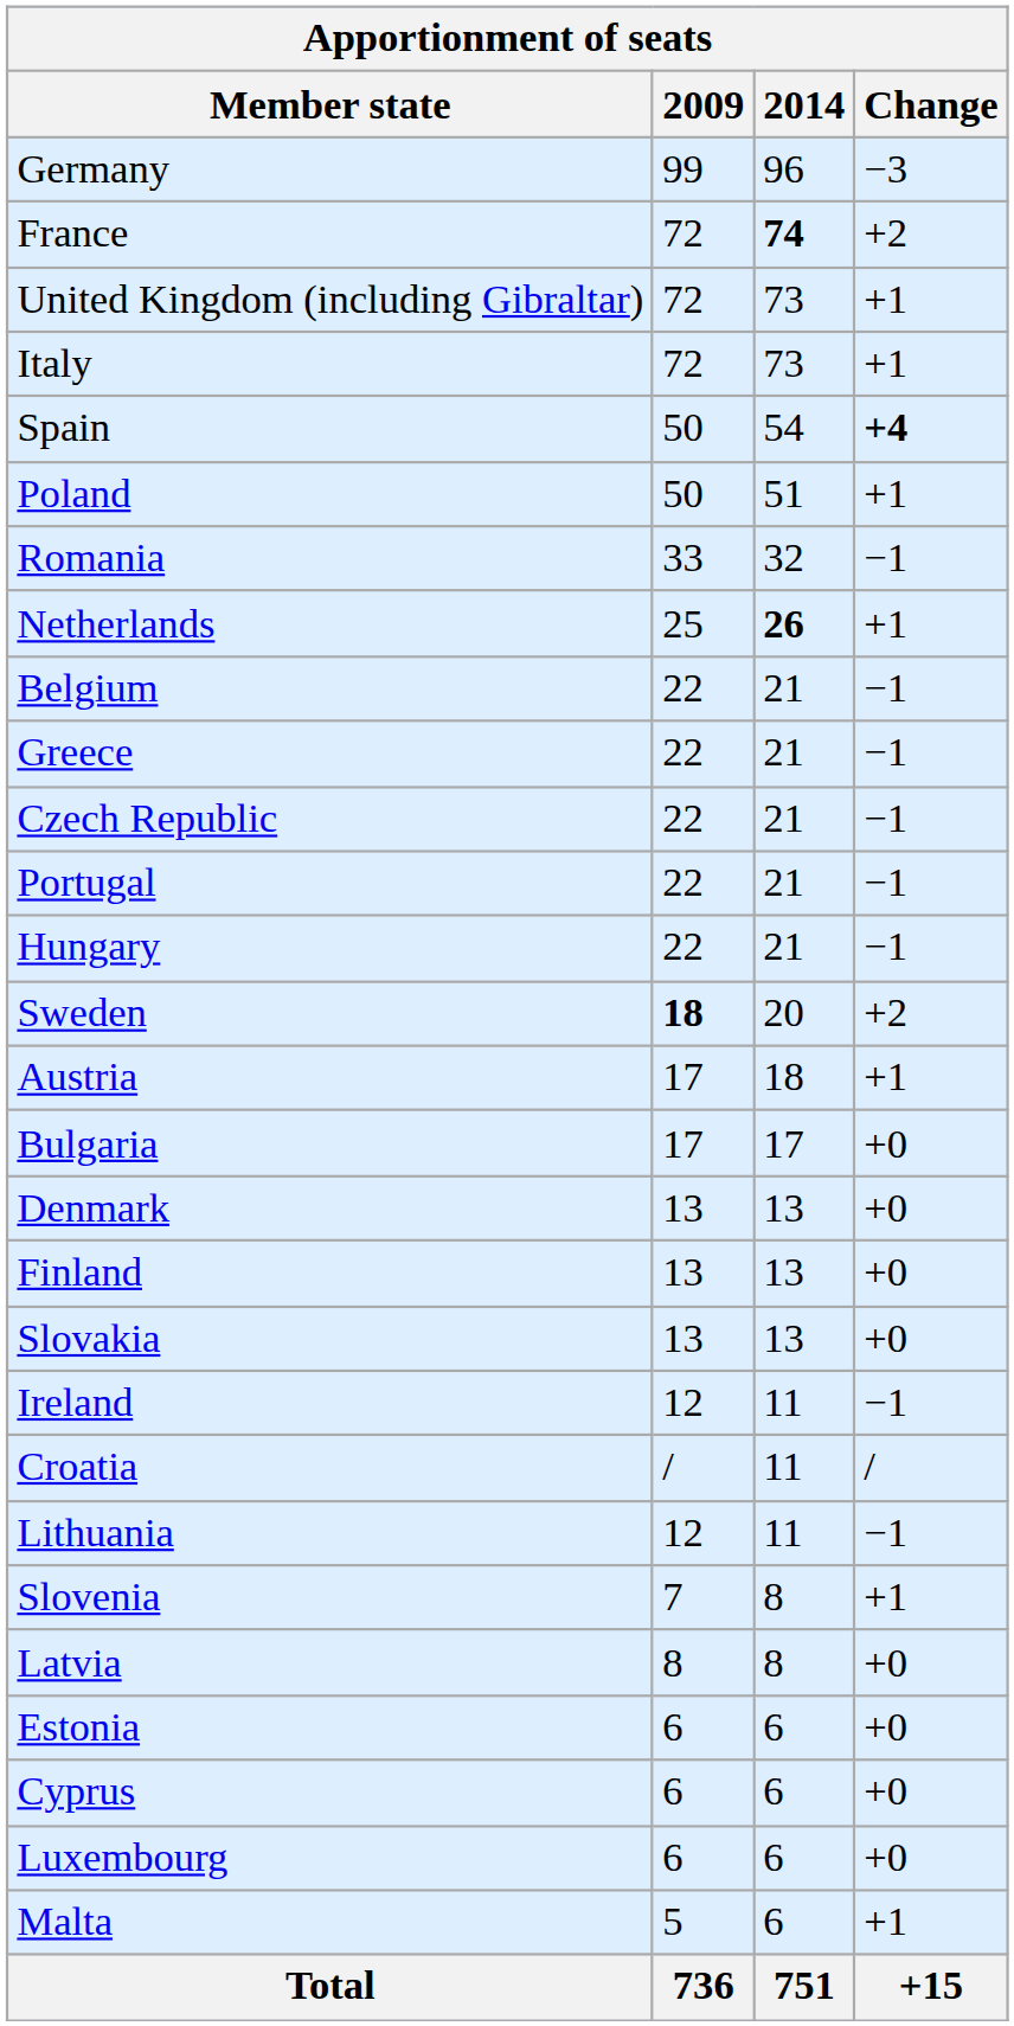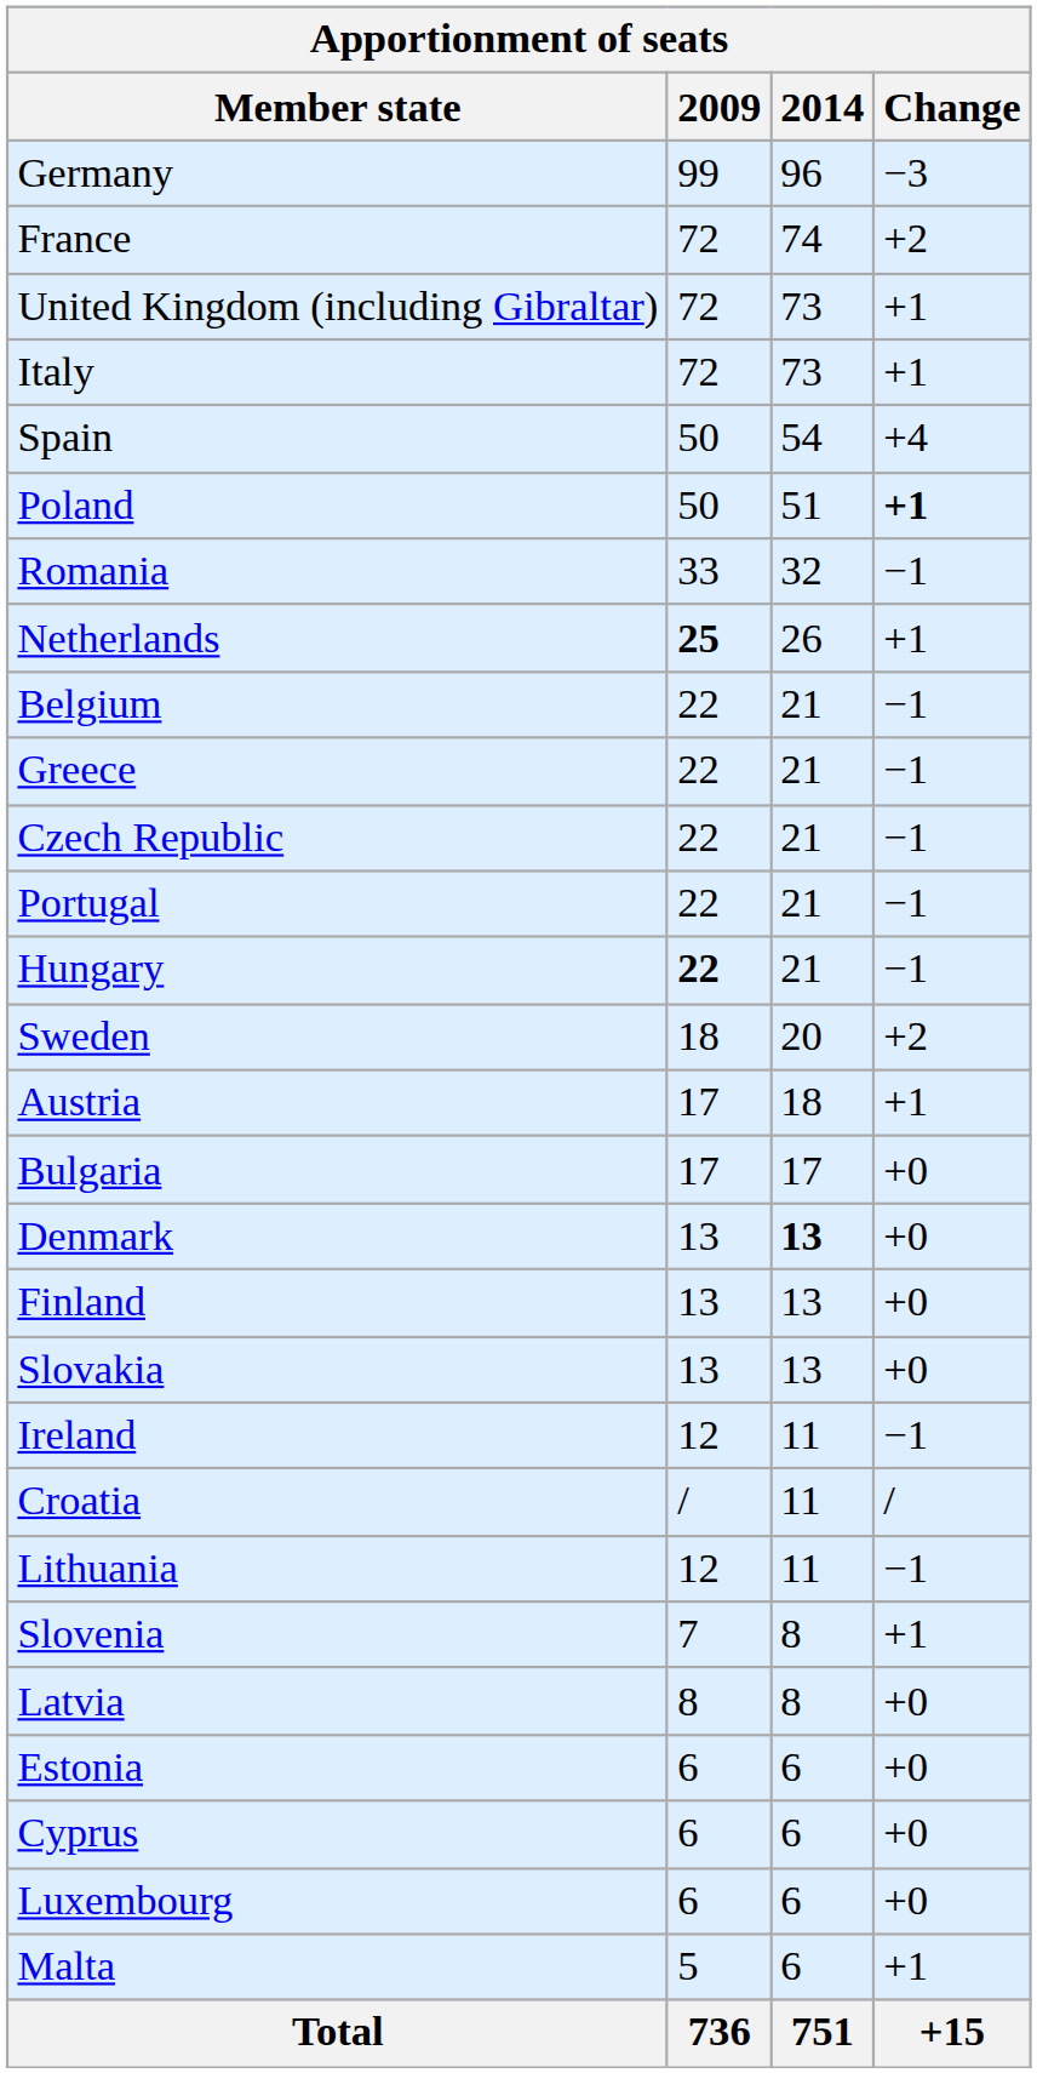 <table class="wikitable sortable collapsible collapsed" style="float:right; background:#def; clear:right; margin:10px">
 <tr>
 <th colspan="4">Apportionment of seats</th>
 </tr>
 <tr>
 <th>Member state</th>
 <th>2009</th>
 <th>2014</th>
 <th>Change</th>
 </tr>
 <tr>
 <td>Germany</td>
 <td>99</td>
 <td>96</td>
 <td>−3</td>
 </tr>
 <tr>
 <td>France</td>
 <td>72</td>
-<td><strong>74</strong></td>
+<td>74</td>
 <td>+2</td>
 </tr>
 <tr>
 <td>United Kingdom (including <a href='#'>Gibraltar</a>)</td>
 <td>72</td>
 <td>73</td>
 <td>+1</td>
 </tr>
 <tr>
 <td>Italy</td>
 <td>72</td>
 <td>73</td>
 <td>+1</td>
 </tr>
 <tr>
 <td>Spain</td>
 <td>50</td>
 <td>54</td>
-<td><strong>+4</strong></td>
+<td>+4</td>
 </tr>
 <tr>
 <td><a href='#'>Poland</a></td>
 <td>50</td>
 <td>51</td>
-<td>+1</td>
+<td><strong>+1</strong></td>
 </tr>
 <tr>
 <td><a href='#'>Romania</a></td>
 <td>33</td>
 <td>32</td>
 <td>−1</td>
 </tr>
 <tr>
 <td><a href='#'>Netherlands</a></td>
-<td>25</td>
-<td><strong>26</strong></td>
+<td><strong>25</strong></td>
+<td>26</td>
 <td>+1</td>
 </tr>
 <tr>
 <td><a href='#'>Belgium</a></td>
 <td>22</td>
 <td>21</td>
 <td>−1</td>
 </tr>
 <tr>
 <td><a href='#'>Greece</a></td>
 <td>22</td>
 <td>21</td>
 <td>−1</td>
 </tr>
 <tr>
 <td><a href='#'>Czech Republic</a></td>
 <td>22</td>
 <td>21</td>
 <td>−1</td>
 </tr>
 <tr>
 <td><a href='#'>Portugal</a></td>
 <td>22</td>
 <td>21</td>
 <td>−1</td>
 </tr>
 <tr>
 <td><a href='#'>Hungary</a></td>
-<td>22</td>
+<td><strong>22</strong></td>
 <td>21</td>
 <td>−1</td>
 </tr>
 <tr>
 <td><a href='#'>Sweden</a></td>
-<td><strong>18</strong></td>
+<td>18</td>
 <td>20</td>
 <td>+2</td>
 </tr>
 <tr>
 <td><a href='#'>Austria</a></td>
 <td>17</td>
 <td>18</td>
 <td>+1</td>
 </tr>
 <tr>
 <td><a href='#'>Bulgaria</a></td>
 <td>17</td>
 <td>17</td>
 <td>+0</td>
 </tr>
 <tr>
 <td><a href='#'>Denmark</a></td>
 <td>13</td>
-<td>13</td>
+<td><strong>13</strong></td>
 <td>+0</td>
 </tr>
 <tr>
 <td><a href='#'>Finland</a></td>
 <td>13</td>
 <td>13</td>
 <td>+0</td>
 </tr>
 <tr>
 <td><a href='#'>Slovakia</a></td>
 <td>13</td>
 <td>13</td>
 <td>+0</td>
 </tr>
 <tr>
 <td><a href='#'>Ireland</a></td>
 <td>12</td>
 <td>11</td>
 <td>−1</td>
 </tr>
 <tr>
 <td><a href='#'>Croatia</a></td>
 <td>/</td>
 <td>11</td>
 <td>/</td>
 </tr>
 <tr>
 <td><a href='#'>Lithuania</a></td>
 <td>12</td>
 <td>11</td>
 <td>−1</td>
 </tr>
 <tr>
 <td><a href='#'>Slovenia</a></td>
 <td>7</td>
 <td>8</td>
 <td>+1</td>
 </tr>
 <tr>
 <td><a href='#'>Latvia</a></td>
 <td>8</td>
 <td>8</td>
 <td>+0</td>
 </tr>
 <tr>
 <td><a href='#'>Estonia</a></td>
 <td>6</td>
 <td>6</td>
 <td>+0</td>
 </tr>
 <tr>
 <td><a href='#'>Cyprus</a></td>
 <td>6</td>
 <td>6</td>
 <td>+0</td>
 </tr>
 <tr>
 <td><a href='#'>Luxembourg</a></td>
 <td>6</td>
 <td>6</td>
 <td>+0</td>
 </tr>
 <tr>
 <td><a href='#'>Malta</a></td>
 <td>5</td>
 <td>6</td>
 <td>+1</td>
 </tr>
 <tr>
 <th>Total</th>
 <th>736</th>
 <th>751</th>
 <th>+15</th>
 </tr>
 </table>
